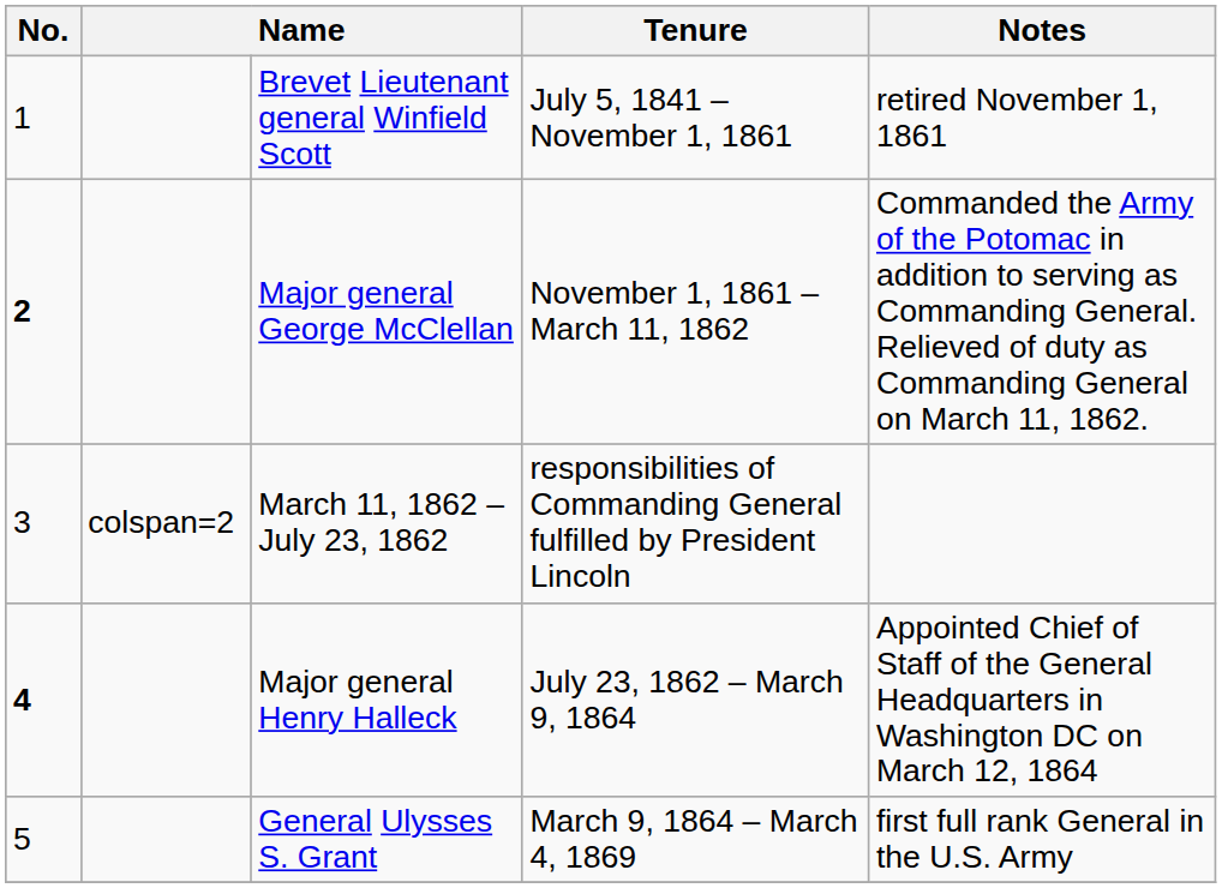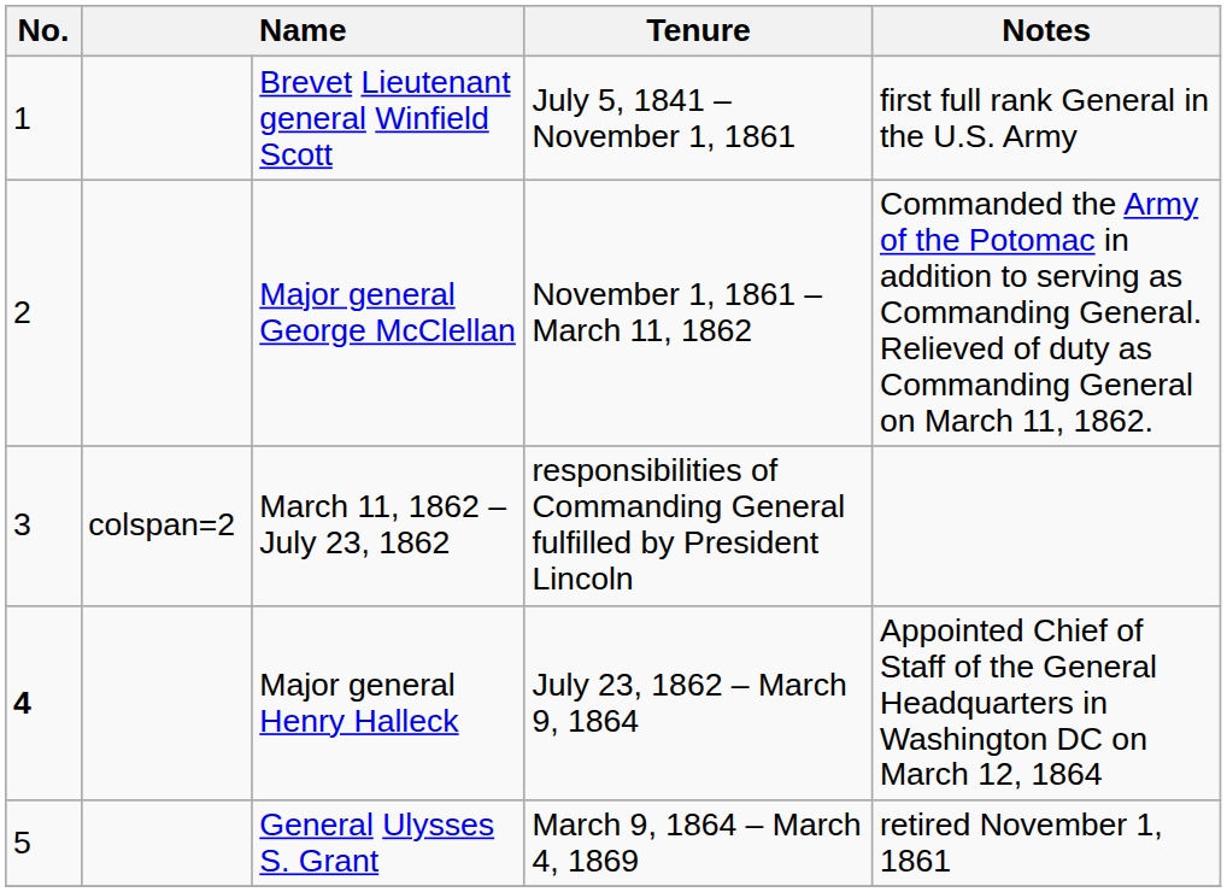 <table class="wikitable">
 <tr>
 <th width=5%>No.</th>
 <th width=25% colspan=2>Name</th>
 <th width=25%>Tenure</th>
 <th width=25%>Notes</th>
 </tr>
 <tr>
 <td rowspan=1>1</td>
 <td></td>
 <td><a href='#'>Brevet</a> <a href='#'>Lieutenant general</a> <a href='#'>Winfield Scott</a></td>
 <td>July 5, 1841 – November 1, 1861</td>
-<td>retired November 1, 1861</td>
+<td>first full rank General in the U.S. Army</td>
 </tr>
 <tr>
-<td rowspan=1><strong>2</strong></td>
+<td rowspan=1>2</td>
 <td></td>
 <td><a href='#'>Major general</a> <a href='#'>George McClellan</a></td>
 <td>November 1, 1861 – March 11, 1862</td>
 <td>Commanded the <a href='#'>Army of the Potomac</a> in addition to serving as Commanding General. Relieved of duty as Commanding General on March 11, 1862.</td>
 </tr>
 <tr>
 <td rowspan=1>3</td>
 <td>colspan=2 </td>
 <td>March 11, 1862 – July 23, 1862</td>
 <td>responsibilities of Commanding General fulfilled by President Lincoln</td>
 </tr>
 <tr>
 <td rowspan=1><strong>4</strong></td>
 <td></td>
 <td>Major general <a href='#'>Henry Halleck</a></td>
 <td>July 23, 1862 – March 9, 1864</td>
 <td>Appointed Chief of Staff of the General Headquarters in Washington DC on March 12, 1864</td>
 </tr>
 <tr>
 <td rowspan=1>5</td>
 <td></td>
 <td><a href='#'>General</a> <a href='#'>Ulysses S. Grant</a></td>
 <td>March 9, 1864 – March 4, 1869</td>
-<td>first full rank General in the U.S. Army</td>
+<td>retired November 1, 1861</td>
 </tr>
 <tr>
 </tr>
 </table>
